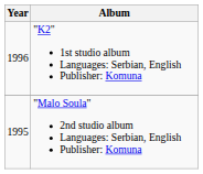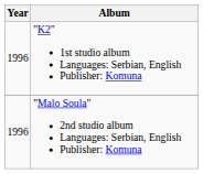 <table class="wikitable">
 <tr>
 <th width="18" rowspan="1">Year</th>
 <th width="245" rowspan="1">Album</th>
 </tr>
 <tr>
 <td>1996</td>
 <td>"<a href='#'>K2</a>"<br><ul><li>1st studio album</li><li>Languages: Serbian, English</li><li>Publisher: <a href='#'>Komuna</a></li></ul></td>
 </tr>
 <tr>
 </tr>
 <tr bgcolor=|>
 </tr>
 <tr>
-<td>1995</td>
+<td>1996</td>
 <td>"<a href='#'>Malo Soula</a>"<br><ul><li>2nd studio album</li><li>Languages: Serbian, English</li><li>Publisher: <a href='#'>Komuna</a></li></ul></td>
 </tr>
 </table>
